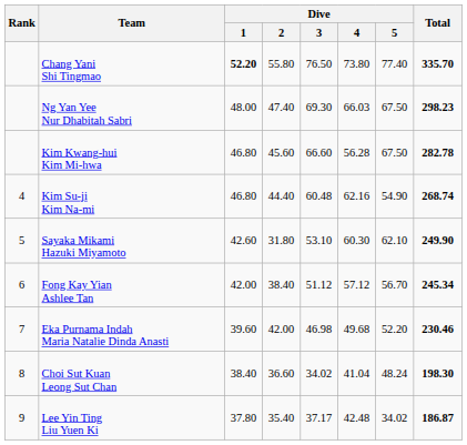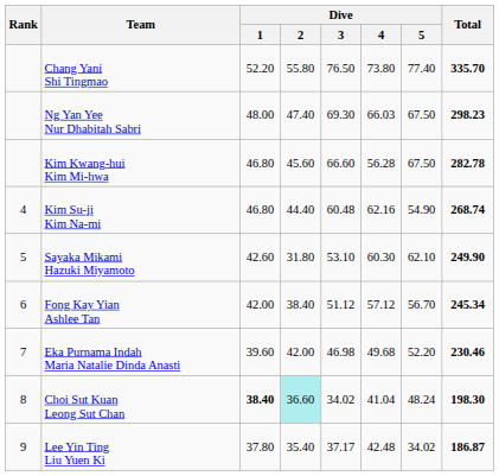 <table class=wikitable style="text-align:center">
 <tr>
 <th rowspan="2" width=40>Rank</th>
 <th rowspan="2" width=250>Team</th>
 <th colspan="5">Dive</th>
 <th rowspan="2" width=60>Total</th>
 </tr>
 <tr>
 <th width=45>1</th>
 <th width=45>2</th>
 <th width=45>3</th>
 <th width=45>4</th>
 <th width=45>5</th>
 </tr>
 <tr>
 <td></td>
 <td align=left><br><a href='#'>Chang Yani</a><br><a href='#'>Shi Tingmao</a></td>
-<td><strong>52.20</strong></td>
+<td>52.20</td>
 <td>55.80</td>
 <td>76.50</td>
 <td>73.80</td>
 <td>77.40</td>
 <td><strong>335.70</strong></td>
 </tr>
 <tr>
 <td></td>
 <td align=left><br><a href='#'>Ng Yan Yee</a><br><a href='#'>Nur Dhabitah Sabri</a></td>
 <td>48.00</td>
 <td>47.40</td>
 <td>69.30</td>
 <td>66.03</td>
 <td>67.50</td>
 <td><strong>298.23</strong></td>
 </tr>
 <tr>
 <td></td>
 <td align=left><br><a href='#'>Kim Kwang-hui</a><br><a href='#'>Kim Mi-hwa</a></td>
 <td>46.80</td>
 <td>45.60</td>
 <td>66.60</td>
 <td>56.28</td>
 <td>67.50</td>
 <td><strong>282.78</strong></td>
 </tr>
 <tr>
 <td>4</td>
 <td align=left><br><a href='#'>Kim Su-ji</a><br><a href='#'>Kim Na-mi</a></td>
 <td>46.80</td>
 <td>44.40</td>
 <td>60.48</td>
 <td>62.16</td>
 <td>54.90</td>
 <td><strong>268.74</strong></td>
 </tr>
 <tr>
 <td>5</td>
 <td align=left><br><a href='#'>Sayaka Mikami</a><br><a href='#'>Hazuki Miyamoto</a></td>
 <td>42.60</td>
 <td>31.80</td>
 <td>53.10</td>
 <td>60.30</td>
 <td>62.10</td>
 <td><strong>249.90</strong></td>
 </tr>
 <tr>
 <td>6</td>
 <td align=left><br><a href='#'>Fong Kay Yian</a><br><a href='#'>Ashlee Tan</a></td>
 <td>42.00</td>
 <td>38.40</td>
 <td>51.12</td>
 <td>57.12</td>
 <td>56.70</td>
 <td><strong>245.34</strong></td>
 </tr>
 <tr>
 <td>7</td>
 <td align=left><br><a href='#'>Eka Purnama Indah</a><br><a href='#'>Maria Natalie Dinda Anasti</a></td>
 <td>39.60</td>
 <td>42.00</td>
 <td>46.98</td>
 <td>49.68</td>
 <td>52.20</td>
 <td><strong>230.46</strong></td>
 </tr>
 <tr>
 <td>8</td>
 <td align=left><br><a href='#'>Choi Sut Kuan</a><br><a href='#'>Leong Sut Chan</a></td>
-<td>38.40</td>
-<td>36.60</td>
+<td><strong>38.40</strong></td>
+<td style="background: paleturquoise;">36.60</td>
 <td>34.02</td>
 <td>41.04</td>
 <td>48.24</td>
 <td><strong>198.30</strong></td>
 </tr>
 <tr>
 <td>9</td>
 <td align=left><br><a href='#'>Lee Yin Ting</a><br><a href='#'>Liu Yuen Ki</a></td>
 <td>37.80</td>
 <td>35.40</td>
 <td>37.17</td>
 <td>42.48</td>
 <td>34.02</td>
 <td><strong>186.87</strong></td>
 </tr>
 </table>
